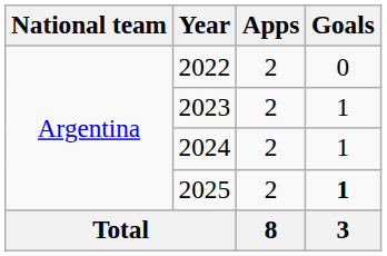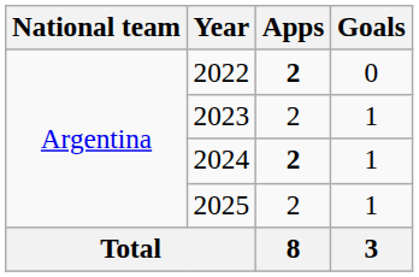 <table class="wikitable" style="text-align:center">
 <tr>
 <th>National team</th>
 <th>Year</th>
 <th>Apps</th>
 <th>Goals</th>
 </tr>
 <tr>
 <td rowspan="4"><a href='#'>Argentina</a></td>
 <td>2022</td>
-<td>2</td>
+<td><strong>2</strong></td>
 <td>0</td>
 </tr>
 <tr>
 <td>2023</td>
 <td>2</td>
 <td>1</td>
 </tr>
 <tr>
 <td>2024</td>
-<td>2</td>
+<td><strong>2</strong></td>
 <td>1</td>
 </tr>
 <tr>
 <td>2025</td>
 <td>2</td>
-<td><strong>1</strong></td>
+<td>1</td>
 </tr>
 <tr>
 <th colspan="2">Total</th>
 <th>8</th>
 <th>3</th>
 </tr>
 </table>
